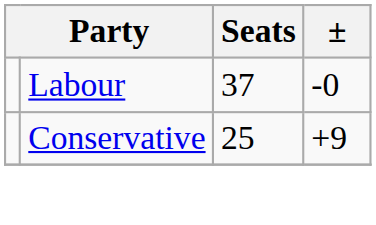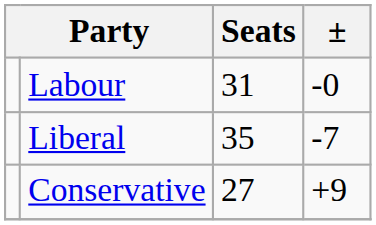 <table class="wikitable">
 <tr>
 <th colspan="2">Party</th>
 <th>Seats</th>
 <th>  ±  </th>
 </tr>
 <tr>
 <td style="background-color: "></td>
 <td><a href='#'>Labour</a></td>
-<td>37</td>
+<td>31</td>
 <td>-0</td>
 </tr>
 <tr>
 <td style="background-color: "></td>
+<td><a href='#'>Liberal</a></td>
+<td>35</td>
+<td>-7</td>
+</tr>
+<tr>
+<td style="background-color: "></td>
 <td><a href='#'>Conservative</a></td>
-<td>25</td>
+<td>27</td>
 <td>+9</td>
 </tr>
 <tr>
 </tr>
 </table>
